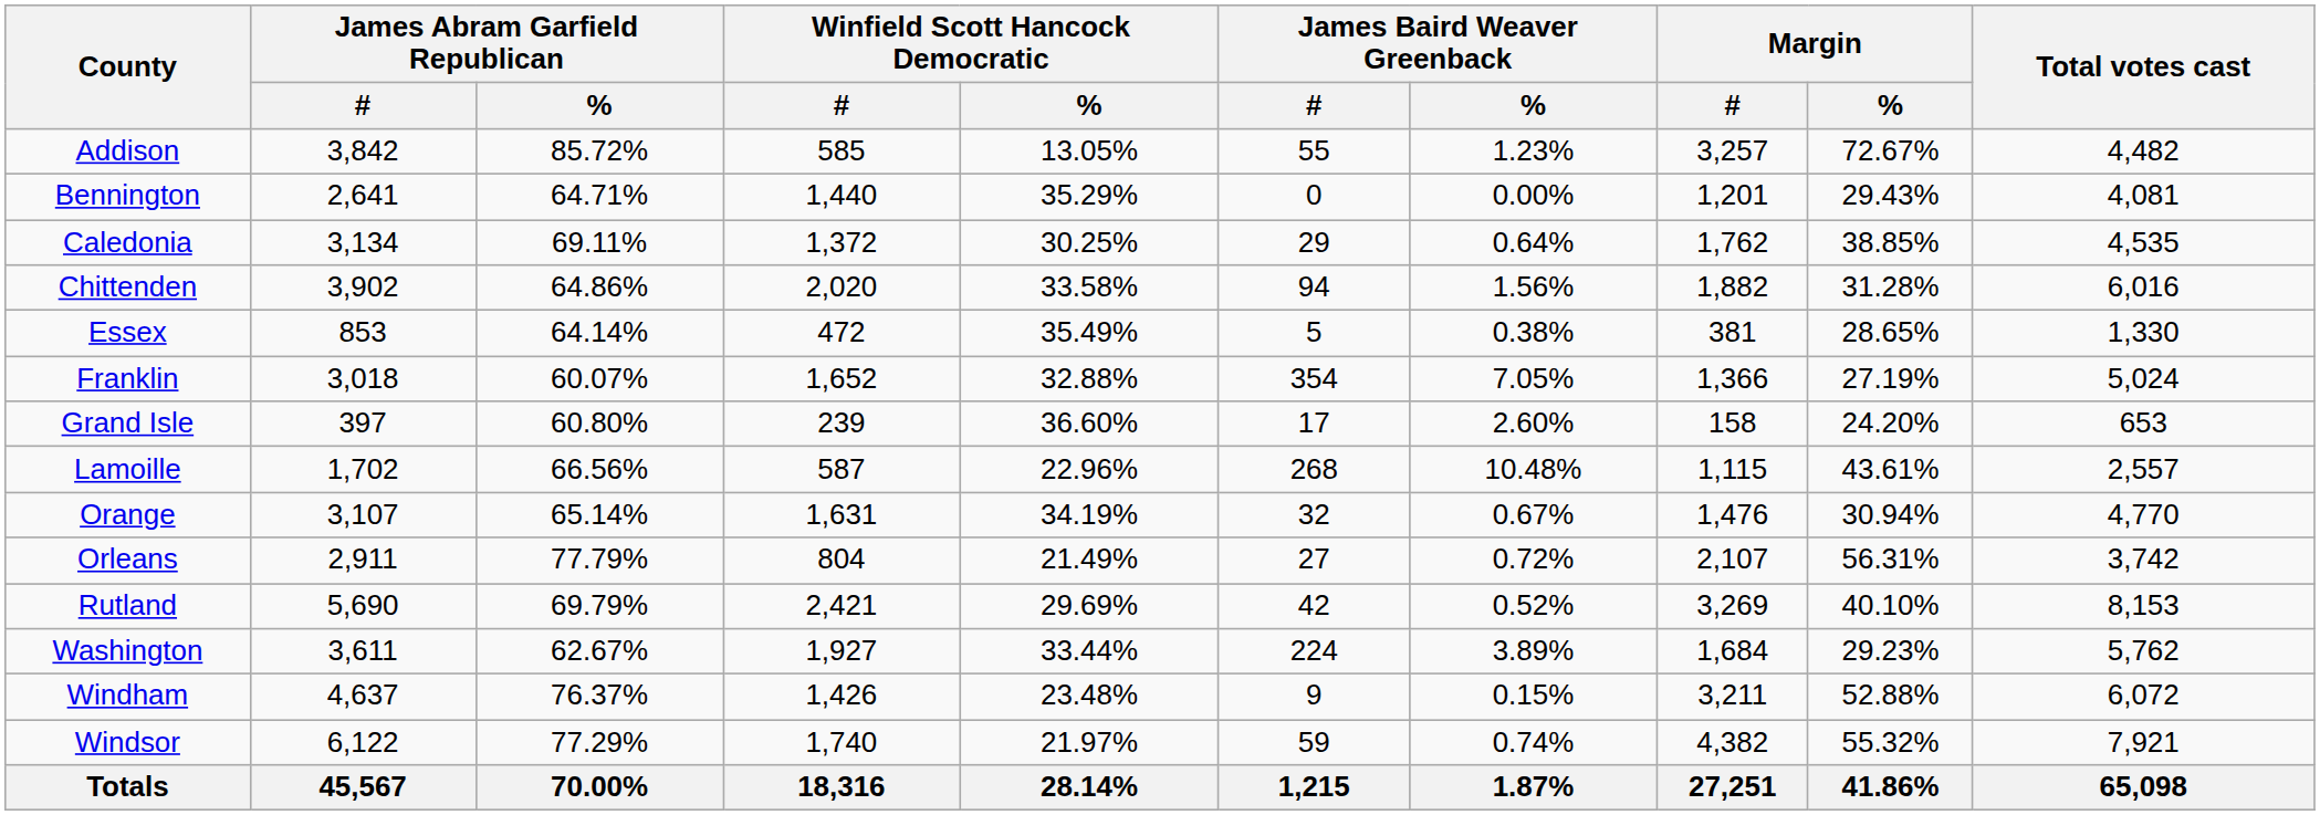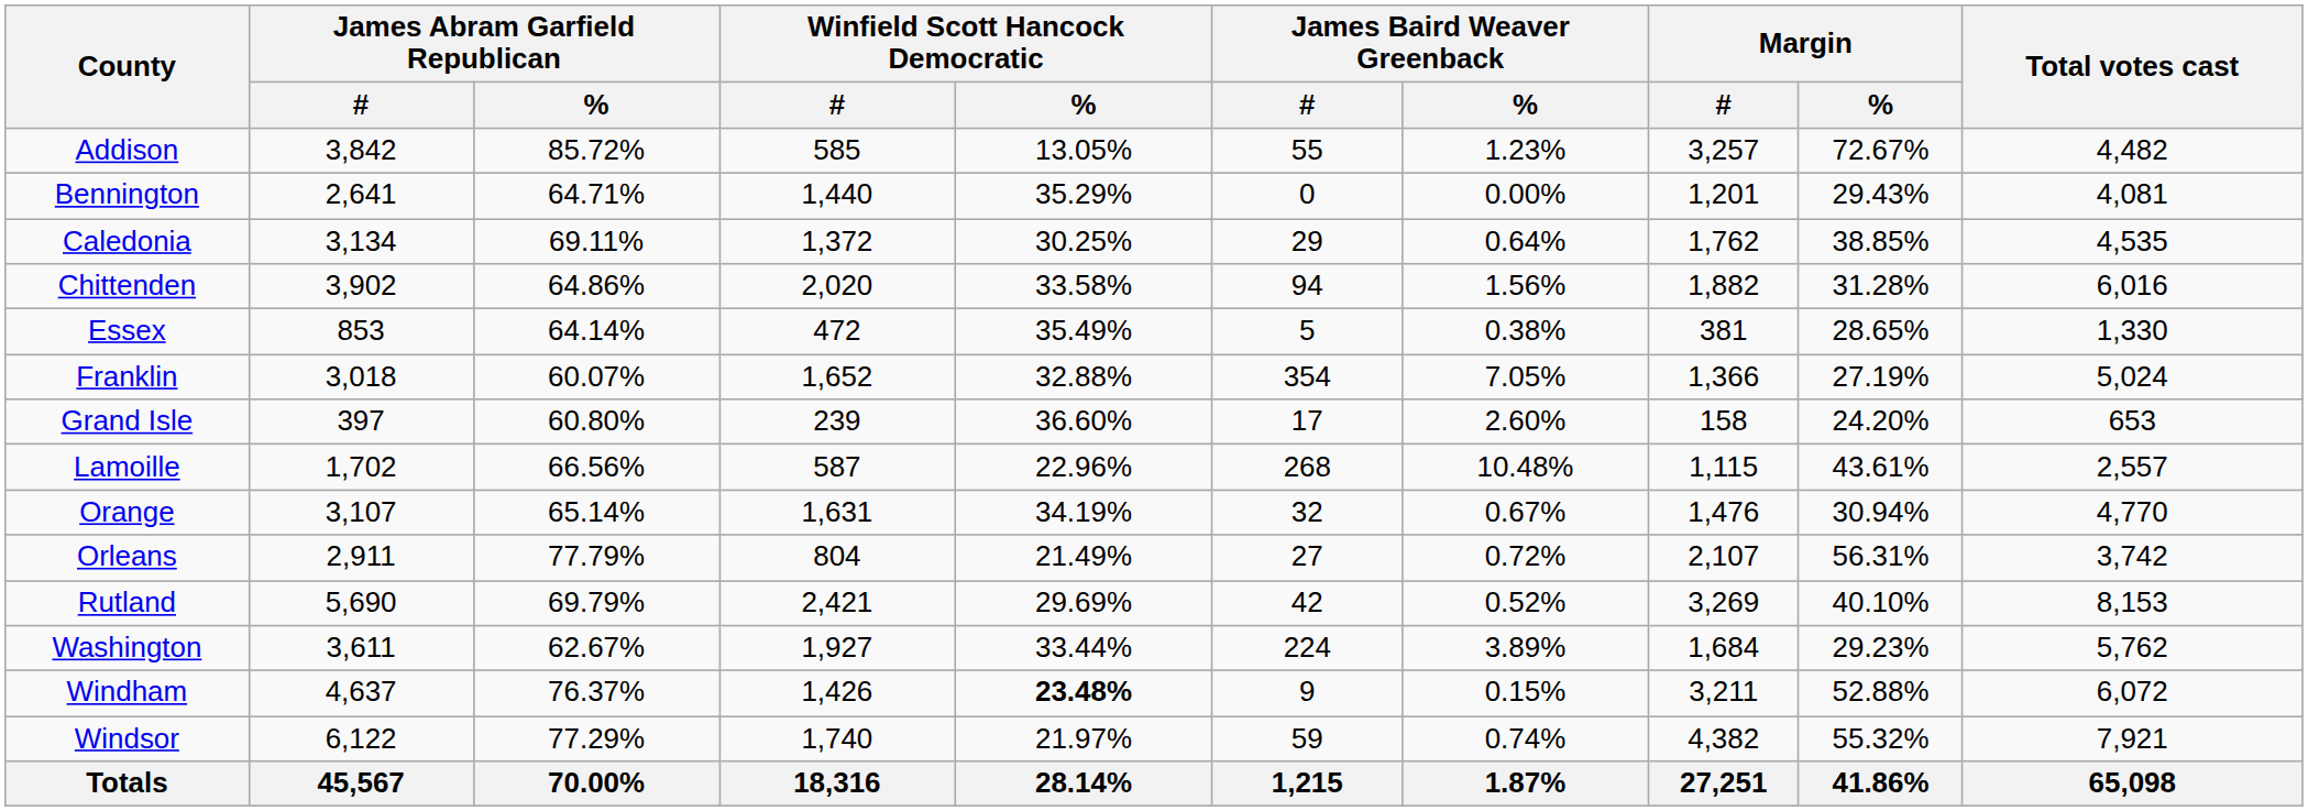 <table width="65%"  class="wikitable sortable" style="text-align:center">
 <tr>
 <th colspan="1" rowspan="2">County</th>
 <th style="text-align:center;" colspan="2">James Abram Garfield<br>Republican</th>
 <th style="text-align:center;" colspan="2">Winfield Scott Hancock<br>Democratic</th>
 <th style="text-align:center;" colspan="2">James Baird Weaver<br>Greenback</th>
 <th style="text-align:center;" colspan="2">Margin</th>
 <th colspan="1" rowspan="2" style="text-align:center;">Total votes cast</th>
 </tr>
 <tr>
 <th style="text-align:center;" data-sort-type="number">#</th>
 <th style="text-align:center;" data-sort-type="number">%</th>
 <th style="text-align:center;" data-sort-type="number">#</th>
 <th style="text-align:center;" data-sort-type="number">%</th>
 <th style="text-align:center;" data-sort-type="number">#</th>
 <th style="text-align:center;" data-sort-type="number">%</th>
 <th style="text-align:center;" data-sort-type="number">#</th>
 <th style="text-align:center;" data-sort-type="number">%</th>
 </tr>
 <tr style="text-align:center;">
 <td><a href='#'>Addison</a></td>
 <td>3,842</td>
 <td>85.72%</td>
 <td>585</td>
 <td>13.05%</td>
 <td>55</td>
 <td>1.23%</td>
 <td>3,257</td>
 <td>72.67%</td>
 <td>4,482</td>
 </tr>
 <tr style="text-align:center;">
 <td><a href='#'>Bennington</a></td>
 <td>2,641</td>
 <td>64.71%</td>
 <td>1,440</td>
 <td>35.29%</td>
 <td>0</td>
 <td>0.00%</td>
 <td>1,201</td>
 <td>29.43%</td>
 <td>4,081</td>
 </tr>
 <tr style="text-align:center;">
 <td><a href='#'>Caledonia</a></td>
 <td>3,134</td>
 <td>69.11%</td>
 <td>1,372</td>
 <td>30.25%</td>
 <td>29</td>
 <td>0.64%</td>
 <td>1,762</td>
 <td>38.85%</td>
 <td>4,535</td>
 </tr>
 <tr style="text-align:center;">
 <td><a href='#'>Chittenden</a></td>
 <td>3,902</td>
 <td>64.86%</td>
 <td>2,020</td>
 <td>33.58%</td>
 <td>94</td>
 <td>1.56%</td>
 <td>1,882</td>
 <td>31.28%</td>
 <td>6,016</td>
 </tr>
 <tr style="text-align:center;">
 <td><a href='#'>Essex</a></td>
 <td>853</td>
 <td>64.14%</td>
 <td>472</td>
 <td>35.49%</td>
 <td>5</td>
 <td>0.38%</td>
 <td>381</td>
 <td>28.65%</td>
 <td>1,330</td>
 </tr>
 <tr style="text-align:center;">
 <td><a href='#'>Franklin</a></td>
 <td>3,018</td>
 <td>60.07%</td>
 <td>1,652</td>
 <td>32.88%</td>
 <td>354</td>
 <td>7.05%</td>
 <td>1,366</td>
 <td>27.19%</td>
 <td>5,024</td>
 </tr>
 <tr style="text-align:center;">
 <td><a href='#'>Grand Isle</a></td>
 <td>397</td>
 <td>60.80%</td>
 <td>239</td>
 <td>36.60%</td>
 <td>17</td>
 <td>2.60%</td>
 <td>158</td>
 <td>24.20%</td>
 <td>653</td>
 </tr>
 <tr style="text-align:center;">
 <td><a href='#'>Lamoille</a></td>
 <td>1,702</td>
 <td>66.56%</td>
 <td>587</td>
 <td>22.96%</td>
 <td>268</td>
 <td>10.48%</td>
 <td>1,115</td>
 <td>43.61%</td>
 <td>2,557</td>
 </tr>
 <tr style="text-align:center;">
 <td><a href='#'>Orange</a></td>
 <td>3,107</td>
 <td>65.14%</td>
 <td>1,631</td>
 <td>34.19%</td>
 <td>32</td>
 <td>0.67%</td>
 <td>1,476</td>
 <td>30.94%</td>
 <td>4,770</td>
 </tr>
 <tr style="text-align:center;">
 <td><a href='#'>Orleans</a></td>
 <td>2,911</td>
 <td>77.79%</td>
 <td>804</td>
 <td>21.49%</td>
 <td>27</td>
 <td>0.72%</td>
 <td>2,107</td>
 <td>56.31%</td>
 <td>3,742</td>
 </tr>
 <tr style="text-align:center;">
 <td><a href='#'>Rutland</a></td>
 <td>5,690</td>
 <td>69.79%</td>
 <td>2,421</td>
 <td>29.69%</td>
 <td>42</td>
 <td>0.52%</td>
 <td>3,269</td>
 <td>40.10%</td>
 <td>8,153</td>
 </tr>
 <tr style="text-align:center;">
 <td><a href='#'>Washington</a></td>
 <td>3,611</td>
 <td>62.67%</td>
 <td>1,927</td>
 <td>33.44%</td>
 <td>224</td>
 <td>3.89%</td>
 <td>1,684</td>
 <td>29.23%</td>
 <td>5,762</td>
 </tr>
 <tr style="text-align:center;">
 <td><a href='#'>Windham</a></td>
 <td>4,637</td>
 <td>76.37%</td>
 <td>1,426</td>
-<td>23.48%</td>
+<td><strong>23.48%</strong></td>
 <td>9</td>
 <td>0.15%</td>
 <td>3,211</td>
 <td>52.88%</td>
 <td>6,072</td>
 </tr>
 <tr style="text-align:center;">
 <td><a href='#'>Windsor</a></td>
 <td>6,122</td>
 <td>77.29%</td>
 <td>1,740</td>
 <td>21.97%</td>
 <td>59</td>
 <td>0.74%</td>
 <td>4,382</td>
 <td>55.32%</td>
 <td>7,921</td>
 </tr>
 <tr style="text-align:center;">
 <th>Totals</th>
 <th>45,567</th>
 <th>70.00%</th>
 <th>18,316</th>
 <th>28.14%</th>
 <th>1,215</th>
 <th>1.87%</th>
 <th>27,251</th>
 <th>41.86%</th>
 <th>65,098</th>
 </tr>
 </table>
